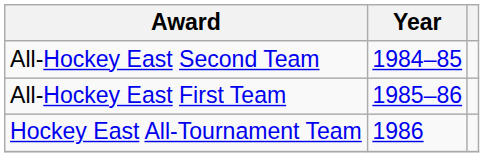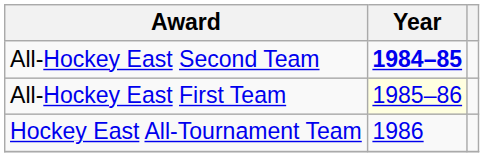 <table class="wikitable">
 <tr>
 <th>Award</th>
 <th>Year</th>
 <th></th>
 </tr>
 <tr>
 <td>All-<a href='#'>Hockey East</a> <a href='#'>Second Team</a></td>
-<td><a href='#'>1984–85</a></td>
+<td><strong><a href='#'>1984–85</a></strong></td>
 <td></td>
 </tr>
 <tr>
 <td>All-<a href='#'>Hockey East</a> <a href='#'>First Team</a></td>
-<td><a href='#'>1985–86</a></td>
+<td style="background: lightyellow;"><a href='#'>1985–86</a></td>
 <td></td>
 </tr>
 <tr>
 <td><a href='#'>Hockey East</a> <a href='#'>All-Tournament Team</a></td>
 <td><a href='#'>1986</a></td>
 <td></td>
 </tr>
 <tr>
 </tr>
 </table>
